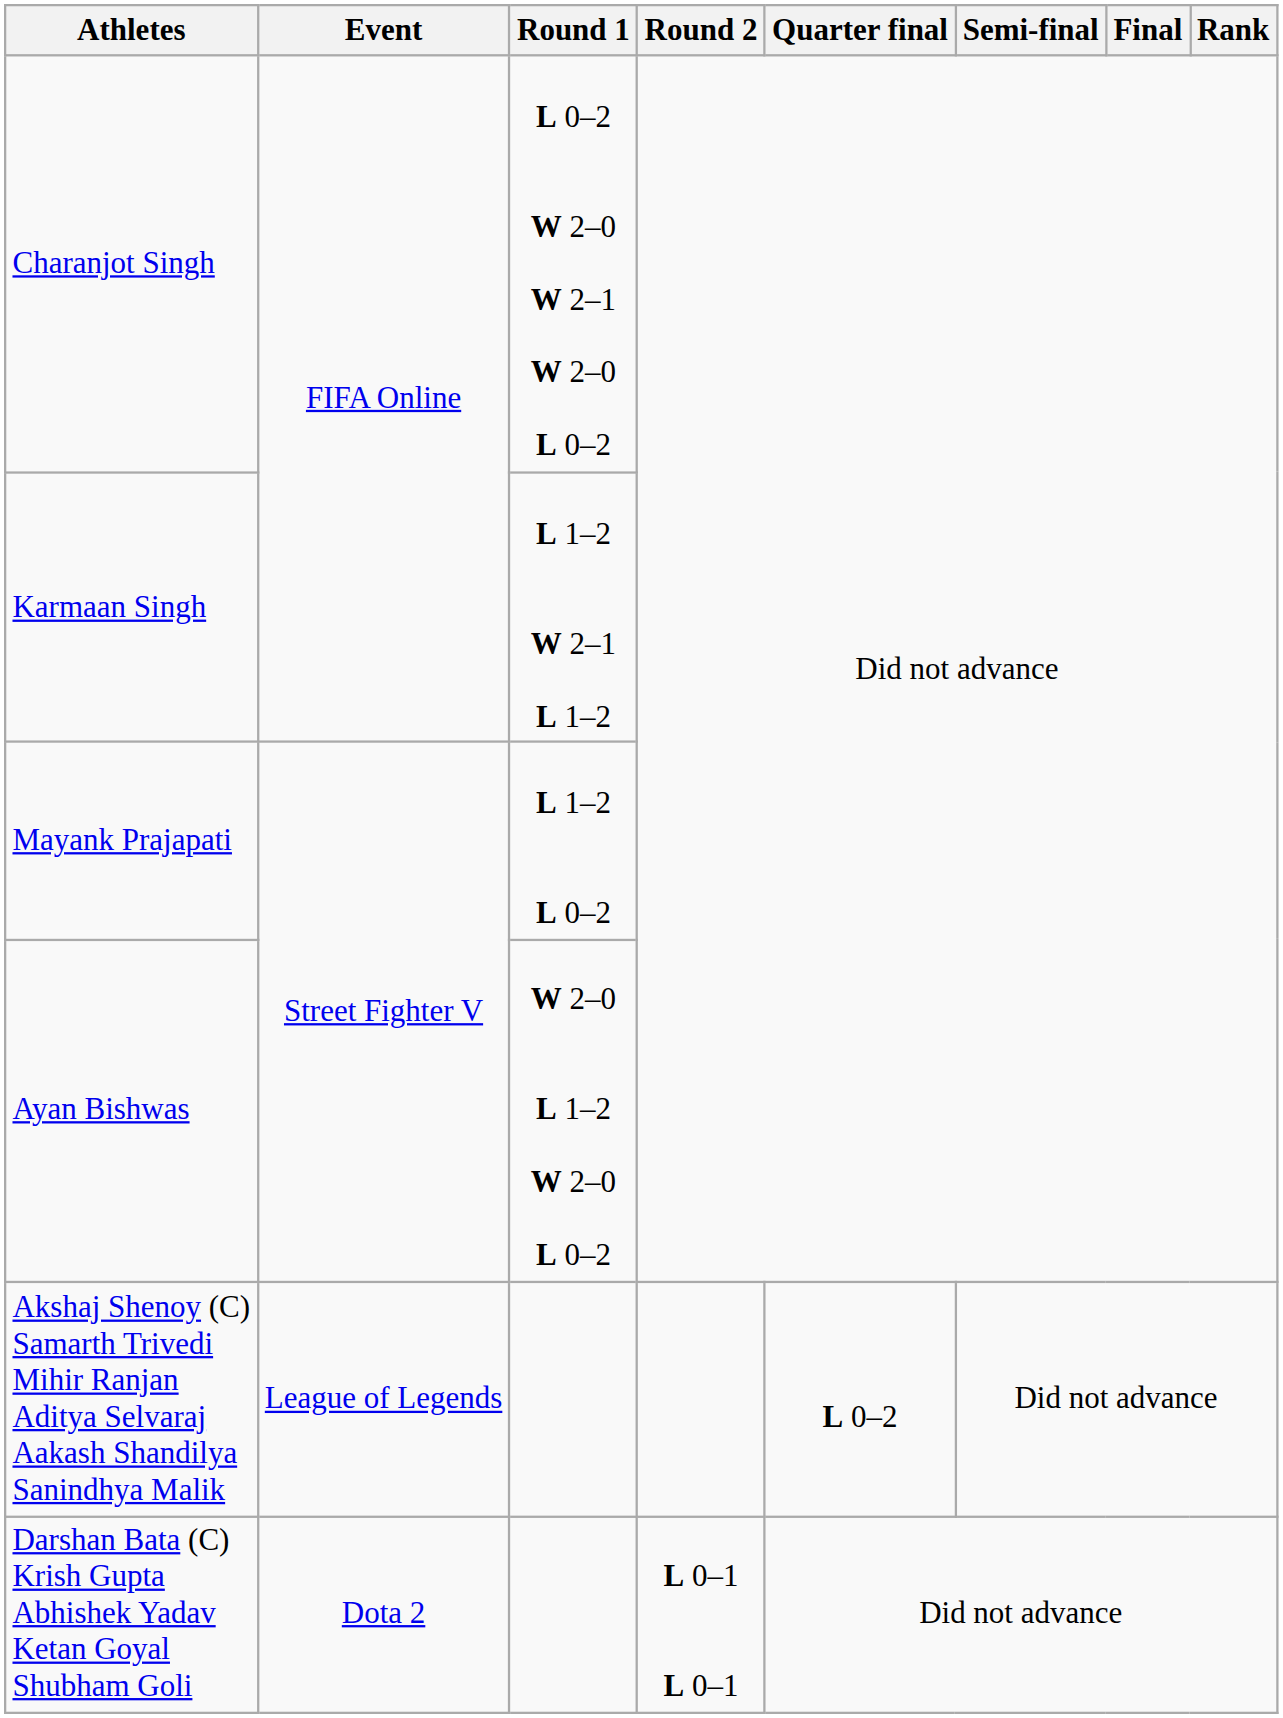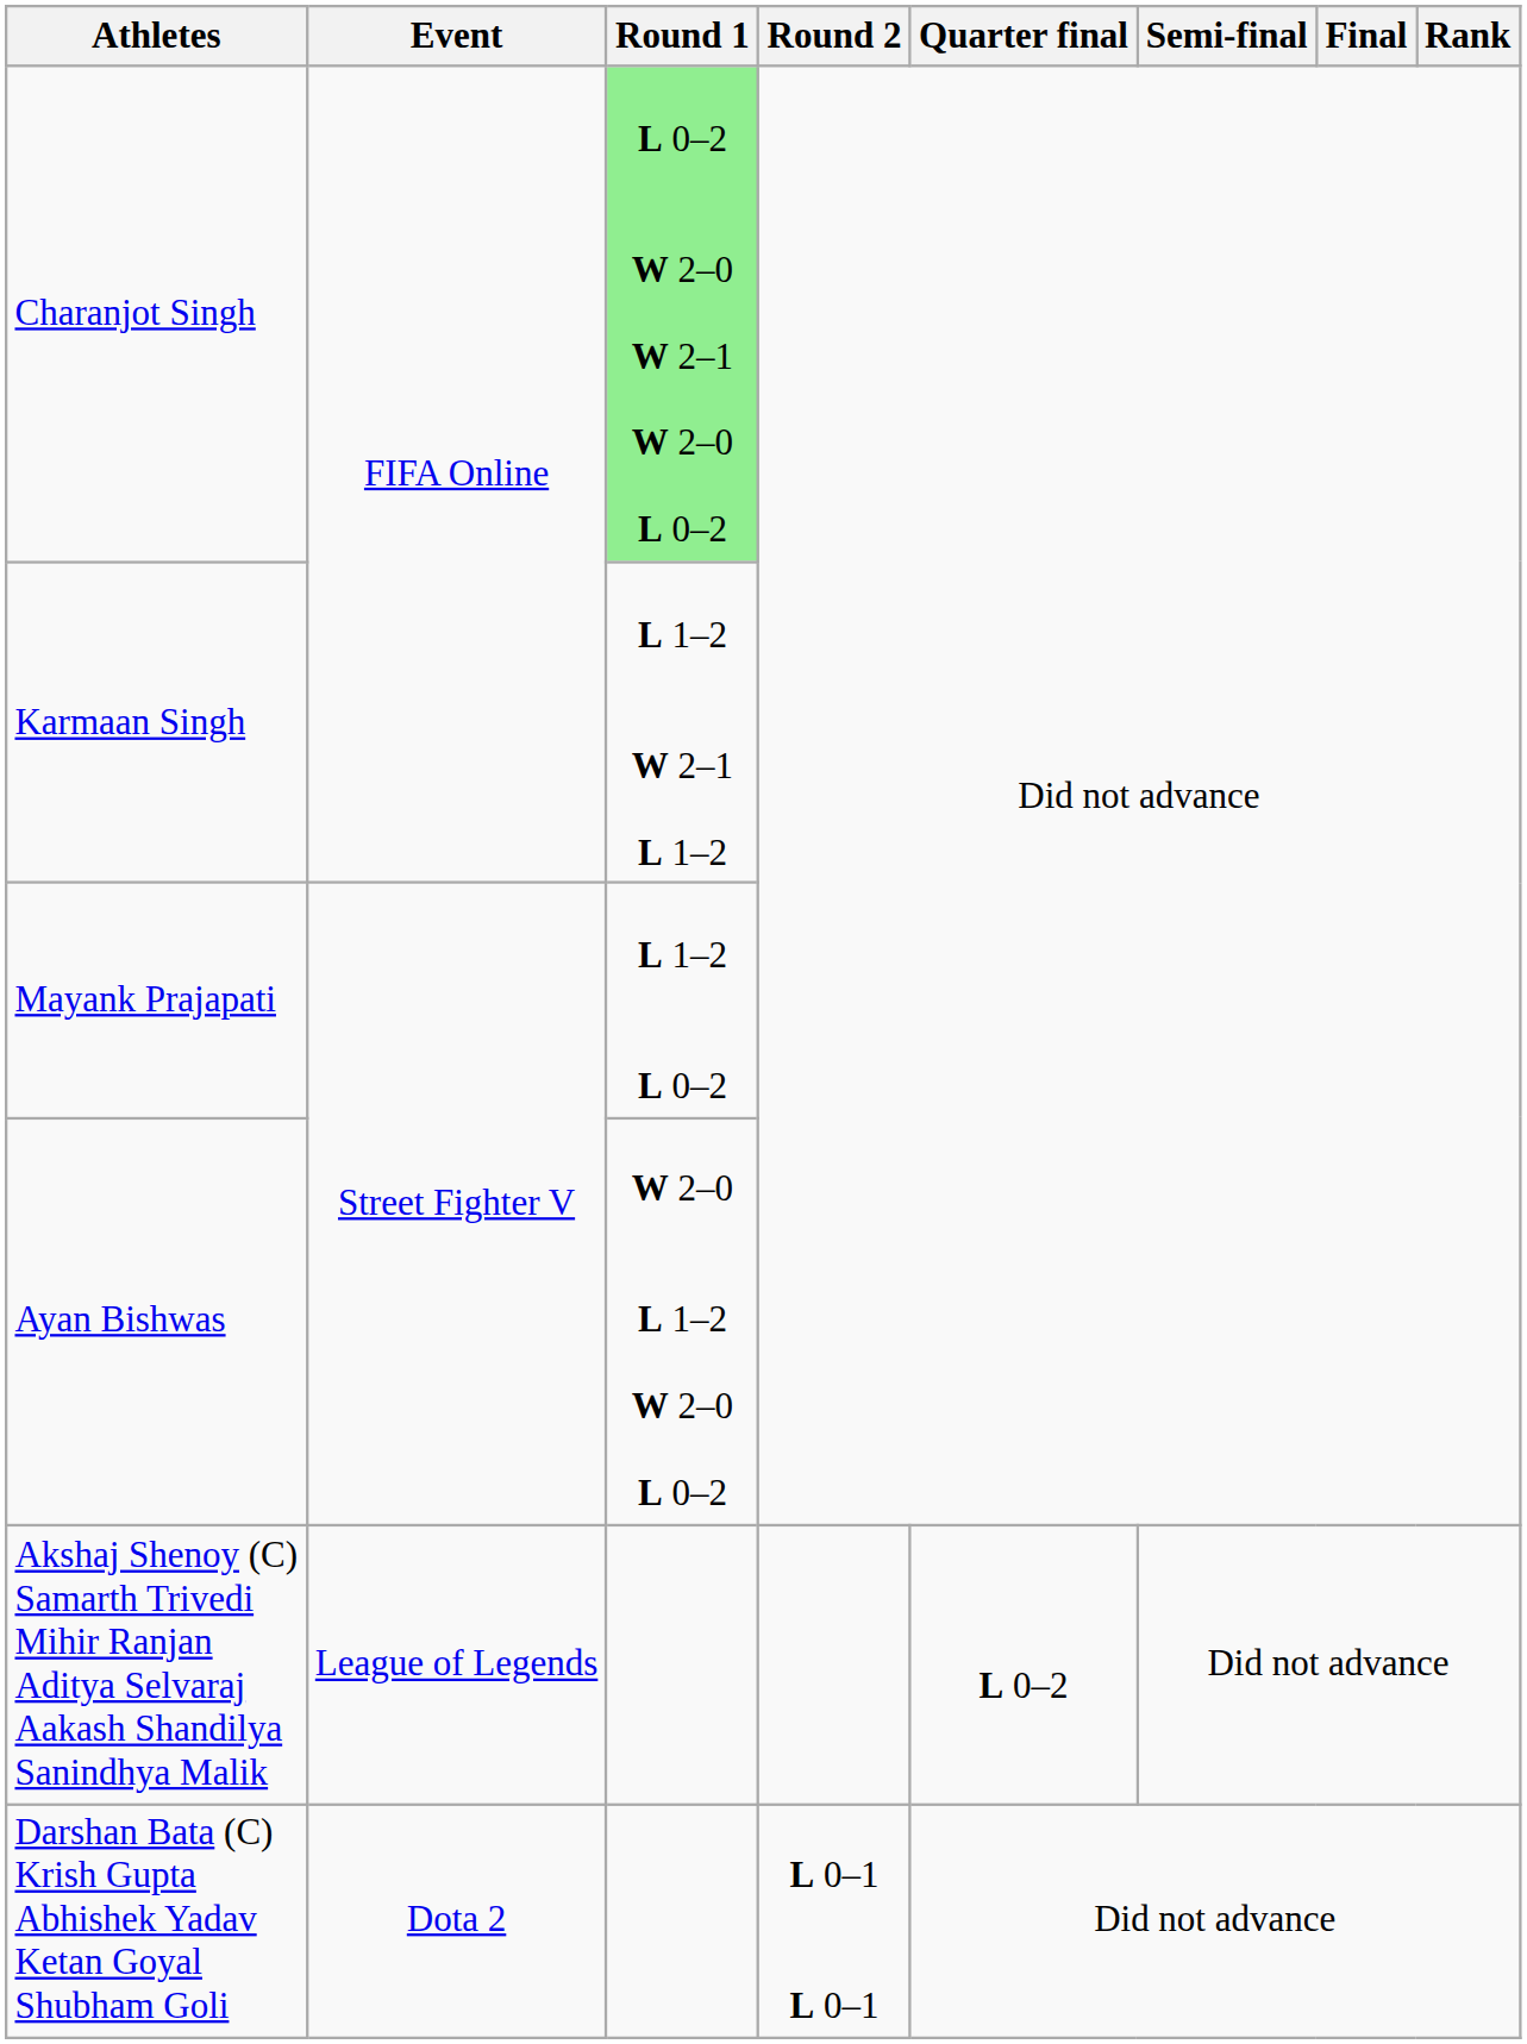 <table class=wikitable style="text-align:center; font-size:85%">
 <tr>
 <th>Athletes</th>
 <th>Event</th>
 <th>Round 1</th>
 <th>Round 2</th>
 <th>Quarter final</th>
 <th>Semi-final</th>
 <th>Final</th>
 <th>Rank</th>
 </tr>
 <tr>
 <td style="text-align:left"><a href='#'>Charanjot Singh</a></td>
 <td rowspan="2"><a href='#'>FIFA Online</a></td>
-<td><br><strong>L</strong> 0–2<br><br><br><strong>W</strong> 2–0<br> <br><strong>W</strong> 2–1<br> <br><strong>W</strong> 2–0<br> <br><strong>L</strong> 0–2</td>
+<td style="background: lightgreen;"><br><strong>L</strong> 0–2<br><br><br><strong>W</strong> 2–0<br> <br><strong>W</strong> 2–1<br> <br><strong>W</strong> 2–0<br> <br><strong>L</strong> 0–2</td>
 <td colspan="5" rowspan="4">Did not advance</td>
 </tr>
 <tr>
 <td style="text-align:left"><a href='#'>Karmaan Singh</a></td>
 <td><br><strong>L</strong> 1–2<br><br><br><strong>W</strong> 2–1<br> <br><strong>L</strong> 1–2</td>
 </tr>
 <tr>
 <td style="text-align:left"><a href='#'>Mayank Prajapati</a></td>
 <td rowspan="2"><a href='#'>Street Fighter V</a></td>
 <td><br><strong>L</strong> 1–2 <br><br><br><strong>L</strong> 0–2</td>
 </tr>
 <tr>
 <td style="text-align:left"><a href='#'>Ayan Bishwas</a></td>
 <td><br><strong>W</strong> 2–0<br><br><br><strong>L</strong> 1–2<br> <br><strong>W</strong> 2–0<br> <br><strong>L</strong> 0–2</td>
 </tr>
 <tr>
 <td style="text-align:left"><a href='#'>Akshaj Shenoy</a> (C)<br><a href='#'>Samarth Trivedi</a><br><a href='#'>Mihir Ranjan</a><br><a href='#'>Aditya Selvaraj</a><br><a href='#'>Aakash Shandilya</a><br><a href='#'>Sanindhya Malik</a></td>
 <td><a href='#'>League of Legends</a></td>
 <td></td>
 <td></td>
 <td><br><strong>L</strong> 0–2</td>
 <td colspan=3>Did not advance</td>
 </tr>
 <tr>
 <td style="text-align:left"><a href='#'>Darshan Bata</a> (C)<br><a href='#'>Krish Gupta</a><br><a href='#'>Abhishek Yadav</a><br><a href='#'>Ketan Goyal</a><br><a href='#'>Shubham Goli</a></td>
 <td><a href='#'>Dota 2</a></td>
 <td></td>
 <td><br><strong>L</strong> 0–1<br><br><br><strong>L</strong> 0–1</td>
 <td colspan=4>Did not advance</td>
 </tr>
 </table>
